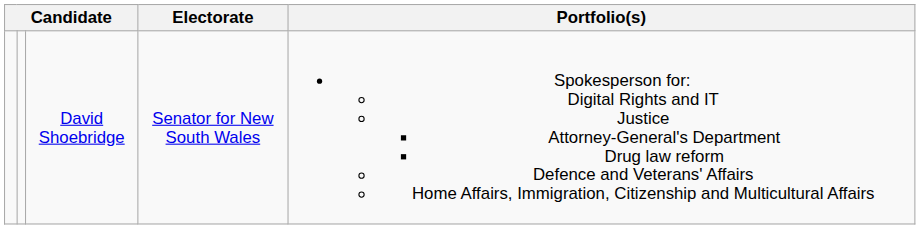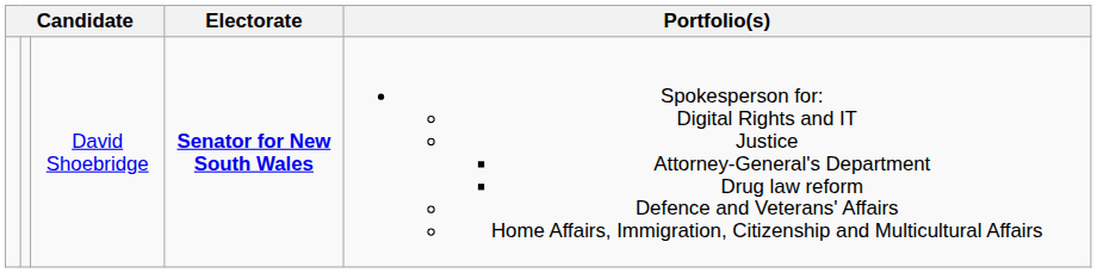 <table class="wikitable" style="text-align:center">
 <tr>
 <th width=215px; colspan=3>Candidate</th>
 <th width=135px>Electorate</th>
 <th width=590px>Portfolio(s)</th>
 </tr>
 <tr>
 <td width="3pt" > </td>
 <td></td>
 <td><a href='#'>David Shoebridge</a></td>
-<td><a href='#'>Senator for New South Wales</a></td>
+<td><strong><a href='#'>Senator for New South Wales</a></strong></td>
 <td><br><ul><li>Spokesperson for:<ul><li>Digital Rights and IT</li><li>Justice<ul><li>Attorney-General's Department</li><li>Drug law reform</li></ul></li><li>Defence and Veterans' Affairs</li><li>Home Affairs, Immigration, Citizenship and Multicultural Affairs</li></ul></li></ul></td>
 </tr>
 </table>
